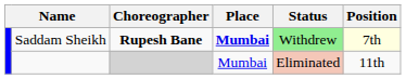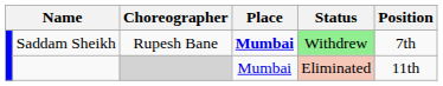 <table class="wikitable sortable" style="text-align:center;">
 <tr>
 <th colspan="2">Name</th>
 <th>Choreographer</th>
 <th>Place</th>
 <th>Status</th>
 <th>Position</th>
 </tr>
 <tr>
 <td rowspan="2" bgcolor="blue"></td>
 <td>Saddam Sheikh</td>
-<td><strong>Rupesh Bane</strong></td>
+<td>Rupesh Bane</td>
 <td><strong><a href='#'>Mumbai</a></strong></td>
 <td style="background:lightgreen;; text-align:center;">Withdrew<br></td>
-<td style="background: lightyellow;">7th</td>
+<td>7th</td>
 </tr>
 <tr>
 <td></td>
 <td Bgcolor=lightgrey></td>
 <td><a href='#'>Mumbai</a></td>
 <td style="background:#f4c7b8;; text-align:center;">Eliminated<br></td>
 <td>11th</td>
 </tr>
 </table>
